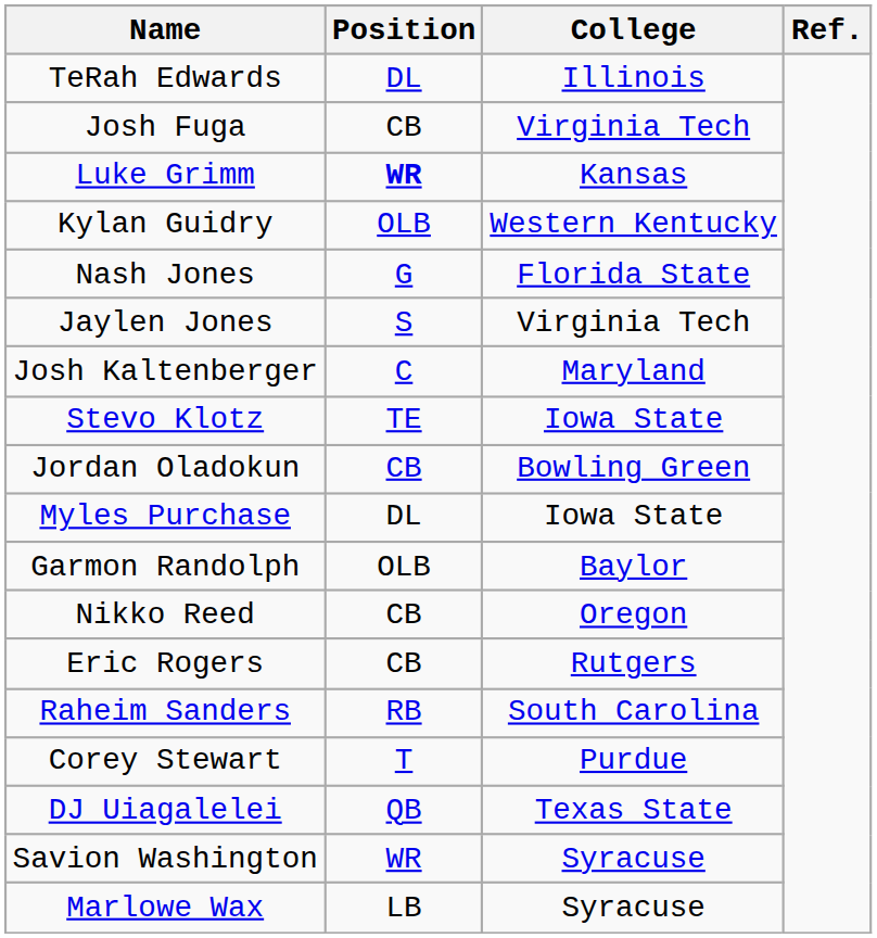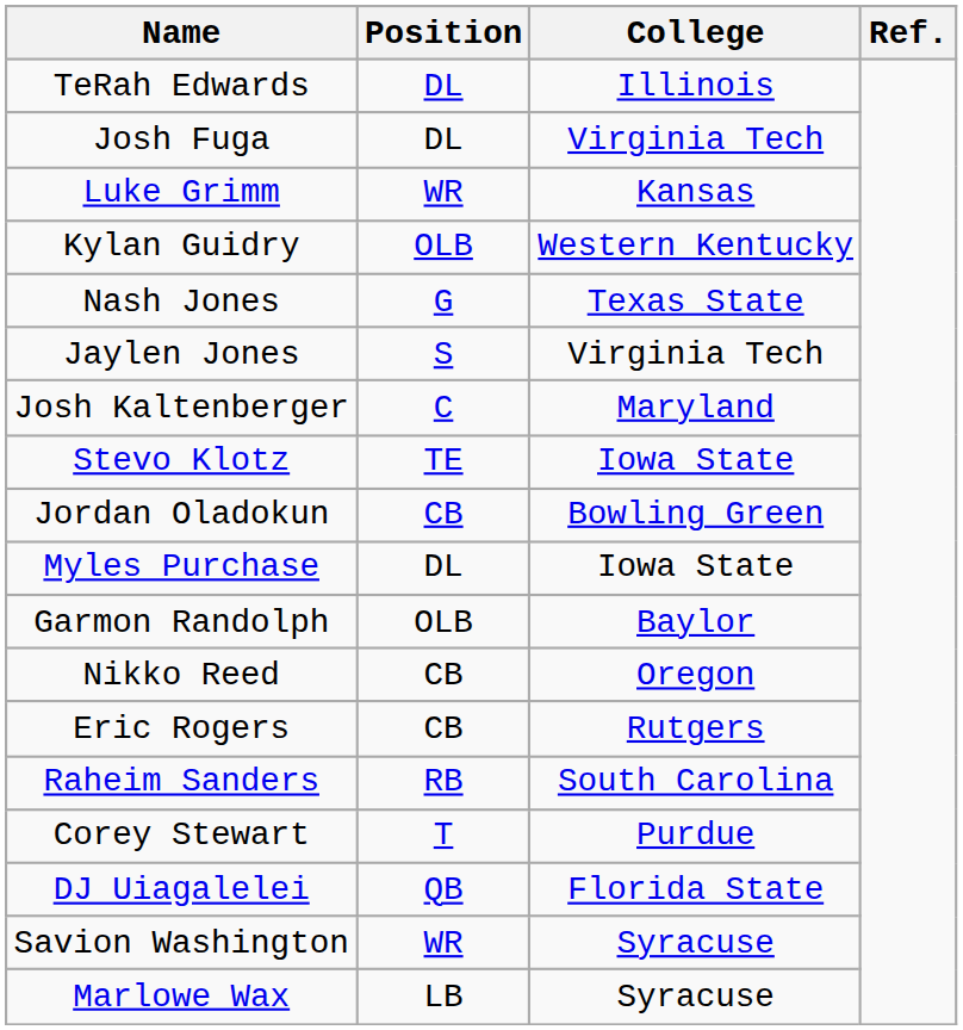 <table class="wikitable" style="text-align:center">
 <tr>
 <th>Name</th>
 <th>Position</th>
 <th>College</th>
 <th>Ref.</th>
 </tr>
 <tr>
 <td>TeRah Edwards</td>
 <td><a href='#'>DL</a></td>
 <td><a href='#'>Illinois</a></td>
 <td rowspan="18"></td>
 </tr>
 <tr>
 <td>Josh Fuga</td>
-<td>CB</td>
+<td>DL</td>
 <td><a href='#'>Virginia Tech</a></td>
 </tr>
 <tr>
 <td><a href='#'>Luke Grimm</a></td>
-<td><strong><a href='#'>WR</a></strong></td>
+<td><a href='#'>WR</a></td>
 <td><a href='#'>Kansas</a></td>
 </tr>
 <tr>
 <td>Kylan Guidry</td>
 <td><a href='#'>OLB</a></td>
 <td><a href='#'>Western Kentucky</a></td>
 </tr>
 <tr>
 <td>Nash Jones</td>
 <td><a href='#'>G</a></td>
-<td><a href='#'>Florida State</a></td>
+<td><a href='#'>Texas State</a></td>
 </tr>
 <tr>
 <td>Jaylen Jones</td>
 <td><a href='#'>S</a></td>
 <td>Virginia Tech</td>
 </tr>
 <tr>
 <td>Josh Kaltenberger</td>
 <td><a href='#'>C</a></td>
 <td><a href='#'>Maryland</a></td>
 </tr>
 <tr>
 <td><a href='#'>Stevo Klotz</a></td>
 <td><a href='#'>TE</a></td>
 <td><a href='#'>Iowa State</a></td>
 </tr>
 <tr>
 <td>Jordan Oladokun</td>
 <td><a href='#'>CB</a></td>
 <td><a href='#'>Bowling Green</a></td>
 </tr>
 <tr>
 <td><a href='#'>Myles Purchase</a></td>
 <td>DL</td>
 <td>Iowa State</td>
 </tr>
 <tr>
 <td>Garmon Randolph</td>
 <td>OLB</td>
 <td><a href='#'>Baylor</a></td>
 </tr>
 <tr>
 <td>Nikko Reed</td>
 <td>CB</td>
 <td><a href='#'>Oregon</a></td>
 </tr>
 <tr>
 <td>Eric Rogers</td>
 <td>CB</td>
 <td><a href='#'>Rutgers</a></td>
 </tr>
 <tr>
 <td><a href='#'>Raheim Sanders</a></td>
 <td><a href='#'>RB</a></td>
 <td><a href='#'>South Carolina</a></td>
 </tr>
 <tr>
 <td>Corey Stewart</td>
 <td><a href='#'>T</a></td>
 <td><a href='#'>Purdue</a></td>
 </tr>
 <tr>
 <td><a href='#'>DJ Uiagalelei</a></td>
 <td><a href='#'>QB</a></td>
-<td><a href='#'>Texas State</a></td>
+<td><a href='#'>Florida State</a></td>
 </tr>
 <tr>
 <td>Savion Washington</td>
 <td><a href='#'>WR</a></td>
 <td><a href='#'>Syracuse</a></td>
 </tr>
 <tr>
 <td><a href='#'>Marlowe Wax</a></td>
 <td>LB</td>
 <td>Syracuse</td>
 </tr>
 </table>
